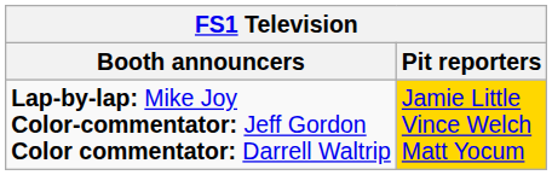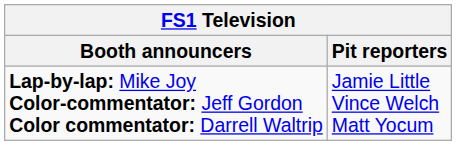 <table class="wikitable" style="font-size: 95%">
 <tr>
 <th colspan="2"><a href='#'>FS1</a> Television</th>
 </tr>
 <tr>
 <th>Booth announcers</th>
 <th>Pit reporters</th>
 </tr>
 <tr>
 <td><strong>Lap-by-lap:</strong> <a href='#'>Mike Joy</a><br><strong>Color-commentator:</strong> <a href='#'>Jeff Gordon</a><br><strong>Color commentator:</strong> <a href='#'>Darrell Waltrip</a></td>
-<td style="background: gold;"><a href='#'>Jamie Little</a><br><a href='#'>Vince Welch</a><br><a href='#'>Matt Yocum</a></td>
+<td><a href='#'>Jamie Little</a><br><a href='#'>Vince Welch</a><br><a href='#'>Matt Yocum</a></td>
 </tr>
 </table>
